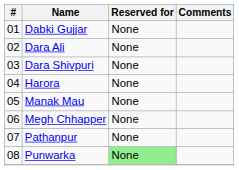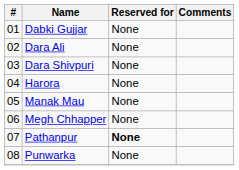 <table class="wikitable sortable">
 <tr>
 <th style="font-size:90%">#</th>
 <th style="font-size:90%">Name</th>
 <th style="font-size:90%">Reserved for</th>
 <th style="font-size:90%">Comments</th>
 </tr>
 <tr>
 <td>01</td>
 <td><a href='#'>Dabki Gujjar</a></td>
 <td>None</td>
 <td></td>
 </tr>
 <tr>
 <td>02</td>
 <td><a href='#'>Dara Ali</a></td>
 <td>None</td>
 <td></td>
 </tr>
 <tr>
 <td>03</td>
 <td><a href='#'>Dara Shivpuri</a></td>
 <td>None</td>
 <td></td>
 </tr>
 <tr>
 <td>04</td>
 <td><a href='#'>Harora</a></td>
 <td>None</td>
 <td></td>
 </tr>
 <tr>
 <td>05</td>
 <td><a href='#'>Manak Mau</a></td>
 <td>None</td>
 <td></td>
 </tr>
 <tr>
 <td>06</td>
 <td><a href='#'>Megh Chhapper</a></td>
 <td>None</td>
 <td></td>
 </tr>
 <tr>
 <td>07</td>
 <td><a href='#'>Pathanpur</a></td>
-<td>None</td>
+<td><strong>None</strong></td>
 <td></td>
 </tr>
 <tr>
 <td>08</td>
 <td><a href='#'>Punwarka</a></td>
-<td style="background: lightgreen;">None</td>
+<td>None</td>
 <td></td>
 </tr>
 <tr>
 </tr>
 </table>
